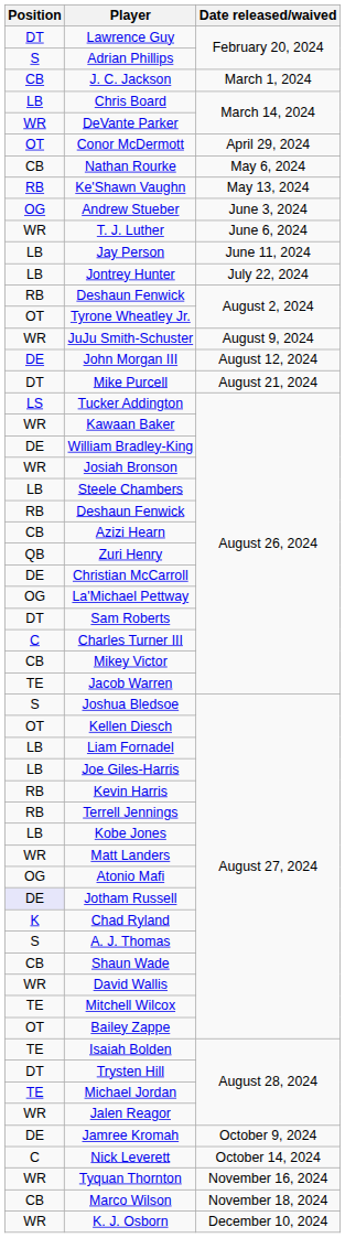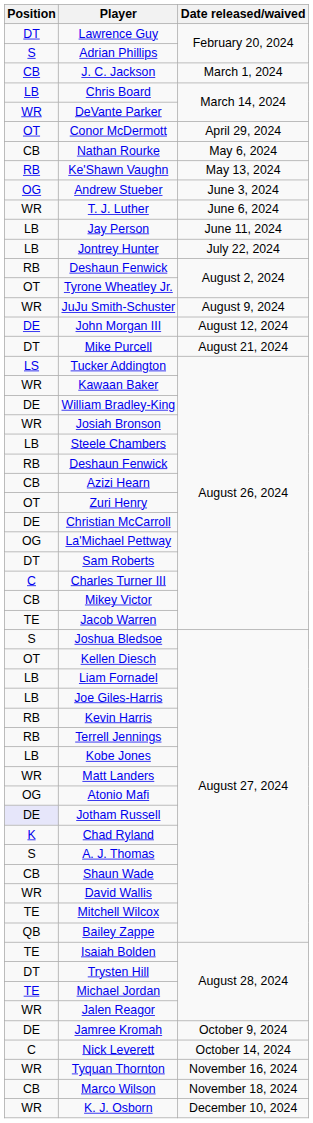 <table class="wikitable" style="text-align:center">
 <tr>
 <th>Position</th>
 <th>Player</th>
 <th>Date released/waived</th>
 </tr>
 <tr style=>
 <td><a href='#'>DT</a></td>
 <td><a href='#'>Lawrence Guy</a></td>
 <td rowspan="2">February 20, 2024</td>
 </tr>
 <tr>
 <td><a href='#'>S</a></td>
 <td><a href='#'>Adrian Phillips</a></td>
 </tr>
 <tr>
 <td><a href='#'>CB</a></td>
 <td><a href='#'>J. C. Jackson</a></td>
 <td>March 1, 2024</td>
 </tr>
 <tr>
 <td><a href='#'>LB</a></td>
 <td><a href='#'>Chris Board</a></td>
 <td rowspan="2">March 14, 2024</td>
 </tr>
 <tr>
 <td><a href='#'>WR</a></td>
 <td><a href='#'>DeVante Parker</a></td>
 </tr>
 <tr>
 <td><a href='#'>OT</a></td>
 <td><a href='#'>Conor McDermott</a></td>
 <td>April 29, 2024</td>
 </tr>
 <tr>
 <td>CB</td>
 <td><a href='#'>Nathan Rourke</a></td>
 <td>May 6, 2024</td>
 </tr>
 <tr>
 <td><a href='#'>RB</a></td>
 <td><a href='#'>Ke'Shawn Vaughn</a></td>
 <td>May 13, 2024</td>
 </tr>
 <tr>
 <td><a href='#'>OG</a></td>
 <td><a href='#'>Andrew Stueber</a></td>
 <td>June 3, 2024</td>
 </tr>
 <tr>
 <td>WR</td>
 <td><a href='#'>T. J. Luther</a></td>
 <td>June 6, 2024</td>
 </tr>
 <tr>
 <td>LB</td>
 <td><a href='#'>Jay Person</a></td>
 <td>June 11, 2024</td>
 </tr>
 <tr>
 <td>LB</td>
 <td><a href='#'>Jontrey Hunter</a></td>
 <td>July 22, 2024</td>
 </tr>
 <tr>
 <td>RB</td>
 <td><a href='#'>Deshaun Fenwick</a></td>
 <td rowspan="2">August 2, 2024</td>
 </tr>
 <tr>
 <td>OT</td>
 <td><a href='#'>Tyrone Wheatley Jr.</a></td>
 </tr>
 <tr>
 <td>WR</td>
 <td><a href='#'>JuJu Smith-Schuster</a></td>
 <td>August 9, 2024</td>
 </tr>
 <tr>
 <td><a href='#'>DE</a></td>
 <td><a href='#'>John Morgan III</a></td>
 <td>August 12, 2024</td>
 </tr>
 <tr>
 <td>DT</td>
 <td><a href='#'>Mike Purcell</a></td>
 <td>August 21, 2024</td>
 </tr>
 <tr>
 <td><a href='#'>LS</a></td>
 <td><a href='#'>Tucker Addington</a></td>
 <td rowspan="14">August 26, 2024</td>
 </tr>
 <tr>
 <td>WR</td>
 <td><a href='#'>Kawaan Baker</a></td>
 </tr>
 <tr>
 <td>DE</td>
 <td><a href='#'>William Bradley-King</a></td>
 </tr>
 <tr>
 <td>WR</td>
 <td><a href='#'>Josiah Bronson</a></td>
 </tr>
 <tr>
 <td>LB</td>
 <td><a href='#'>Steele Chambers</a></td>
 </tr>
 <tr>
 <td>RB</td>
 <td><a href='#'>Deshaun Fenwick</a></td>
 </tr>
 <tr>
 <td>CB</td>
 <td><a href='#'>Azizi Hearn</a></td>
 </tr>
 <tr>
-<td>QB</td>
+<td>OT</td>
 <td><a href='#'>Zuri Henry</a></td>
 </tr>
 <tr>
 <td>DE</td>
 <td><a href='#'>Christian McCarroll</a></td>
 </tr>
 <tr>
 <td>OG</td>
 <td><a href='#'>La'Michael Pettway</a></td>
 </tr>
 <tr>
 <td>DT</td>
 <td><a href='#'>Sam Roberts</a></td>
 </tr>
 <tr>
 <td><a href='#'>C</a></td>
 <td><a href='#'>Charles Turner III</a></td>
 </tr>
 <tr>
 <td>CB</td>
 <td><a href='#'>Mikey Victor</a></td>
 </tr>
 <tr>
 <td>TE</td>
 <td><a href='#'>Jacob Warren</a></td>
 </tr>
 <tr>
 <td>S</td>
 <td><a href='#'>Joshua Bledsoe</a></td>
 <td rowspan="16">August 27, 2024</td>
 </tr>
 <tr>
 <td>OT</td>
 <td><a href='#'>Kellen Diesch</a></td>
 </tr>
 <tr>
 <td>LB</td>
 <td><a href='#'>Liam Fornadel</a></td>
 </tr>
 <tr>
 <td>LB</td>
 <td><a href='#'>Joe Giles-Harris</a></td>
 </tr>
 <tr>
 <td>RB</td>
 <td><a href='#'>Kevin Harris</a></td>
 </tr>
 <tr>
 <td>RB</td>
 <td><a href='#'>Terrell Jennings</a></td>
 </tr>
 <tr>
 <td>LB</td>
 <td><a href='#'>Kobe Jones</a></td>
 </tr>
 <tr>
 <td>WR</td>
 <td><a href='#'>Matt Landers</a></td>
 </tr>
 <tr>
 <td>OG</td>
 <td><a href='#'>Atonio Mafi</a></td>
 </tr>
 <tr>
 <td style="background: lavender;">DE</td>
 <td><a href='#'>Jotham Russell</a></td>
 </tr>
 <tr>
 <td><a href='#'>K</a></td>
 <td><a href='#'>Chad Ryland</a></td>
 </tr>
 <tr>
 <td>S</td>
 <td><a href='#'>A. J. Thomas</a></td>
 </tr>
 <tr>
 <td>CB</td>
 <td><a href='#'>Shaun Wade</a></td>
 </tr>
 <tr>
 <td>WR</td>
 <td><a href='#'>David Wallis</a></td>
 </tr>
 <tr>
 <td>TE</td>
 <td><a href='#'>Mitchell Wilcox</a></td>
 </tr>
 <tr>
-<td>OT</td>
+<td>QB</td>
 <td><a href='#'>Bailey Zappe</a></td>
 </tr>
 <tr>
 <td>TE</td>
 <td><a href='#'>Isaiah Bolden</a></td>
 <td rowspan="4">August 28, 2024</td>
 </tr>
 <tr>
 <td>DT</td>
 <td><a href='#'>Trysten Hill</a></td>
 </tr>
 <tr>
 <td><a href='#'>TE</a></td>
 <td><a href='#'>Michael Jordan</a></td>
 </tr>
 <tr>
 <td>WR</td>
 <td><a href='#'>Jalen Reagor</a></td>
 </tr>
 <tr>
 <td>DE</td>
 <td><a href='#'>Jamree Kromah</a></td>
 <td>October 9, 2024</td>
 </tr>
 <tr>
 <td>C</td>
 <td><a href='#'>Nick Leverett</a></td>
 <td>October 14, 2024</td>
 </tr>
 <tr>
 <td>WR</td>
 <td><a href='#'>Tyquan Thornton</a></td>
 <td>November 16, 2024</td>
 </tr>
 <tr>
 <td>CB</td>
 <td><a href='#'>Marco Wilson</a></td>
 <td>November 18, 2024</td>
 </tr>
 <tr>
 <td>WR</td>
 <td><a href='#'>K. J. Osborn</a></td>
 <td>December 10, 2024</td>
 </tr>
 </table>
